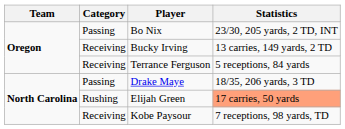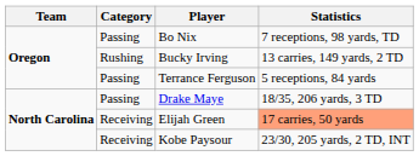 <table class="wikitable" style="float: right;">
 <tr>
 <th>Team</th>
 <th>Category</th>
 <th>Player</th>
 <th>Statistics</th>
 </tr>
 <tr>
 <td rowspan=3><strong>Oregon</strong></td>
 <td>Passing</td>
 <td>Bo Nix</td>
-<td>23/30, 205 yards, 2 TD, INT</td>
+<td>7 receptions, 98 yards, TD</td>
 </tr>
 <tr>
-<td>Receiving</td>
+<td>Rushing</td>
 <td>Bucky Irving</td>
 <td>13 carries, 149 yards, 2 TD</td>
 </tr>
 <tr>
-<td>Receiving</td>
+<td>Passing</td>
 <td>Terrance Ferguson</td>
 <td>5 receptions, 84 yards</td>
 </tr>
 <tr>
 <td rowspan=3><strong>North Carolina</strong></td>
 <td>Passing</td>
 <td><a href='#'>Drake Maye</a></td>
 <td>18/35, 206 yards, 3 TD</td>
 </tr>
 <tr>
-<td>Rushing</td>
+<td>Receiving</td>
 <td>Elijah Green</td>
 <td style="background: lightsalmon;">17 carries, 50 yards</td>
 </tr>
 <tr>
 <td>Receiving</td>
 <td>Kobe Paysour</td>
-<td>7 receptions, 98 yards, TD</td>
+<td>23/30, 205 yards, 2 TD, INT</td>
 </tr>
 </table>
